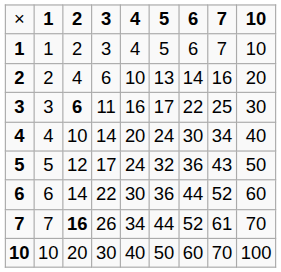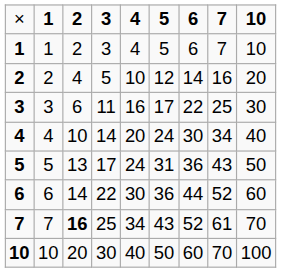 <table class="wikitable" style="float:right; text-align:center">
 <tr>
 <td>×</td>
 <td><strong>1</strong></td>
 <td><strong>2</strong></td>
 <td><strong>3</strong></td>
 <td><strong>4</strong></td>
 <td><strong>5</strong></td>
 <td><strong>6</strong></td>
 <td><strong>7</strong></td>
 <td><strong>10</strong></td>
 </tr>
 <tr>
 <td><strong>1</strong></td>
 <td>1</td>
 <td>2</td>
 <td>3</td>
 <td>4</td>
 <td>5</td>
 <td>6</td>
 <td>7</td>
 <td>10</td>
 </tr>
 <tr>
 <td><strong>2</strong></td>
 <td>2</td>
 <td>4</td>
-<td>6</td>
+<td>5</td>
 <td>10</td>
-<td>13</td>
+<td>12</td>
 <td>14</td>
 <td>16</td>
 <td>20</td>
 </tr>
 <tr>
 <td><strong>3</strong></td>
 <td>3</td>
-<td><strong>6</strong></td>
+<td>6</td>
 <td>11</td>
 <td>16</td>
 <td>17</td>
 <td>22</td>
 <td>25</td>
 <td>30</td>
 </tr>
 <tr>
 <td><strong>4</strong></td>
 <td>4</td>
 <td>10</td>
 <td>14</td>
 <td>20</td>
 <td>24</td>
 <td>30</td>
 <td>34</td>
 <td>40</td>
 </tr>
 <tr>
 <td><strong>5</strong></td>
 <td>5</td>
-<td>12</td>
+<td>13</td>
 <td>17</td>
 <td>24</td>
-<td>32</td>
+<td>31</td>
 <td>36</td>
 <td>43</td>
 <td>50</td>
 </tr>
 <tr>
 <td><strong>6</strong></td>
 <td>6</td>
 <td>14</td>
 <td>22</td>
 <td>30</td>
 <td>36</td>
 <td>44</td>
 <td>52</td>
 <td>60</td>
 </tr>
 <tr>
 <td><strong>7</strong></td>
 <td>7</td>
 <td><strong>16</strong></td>
-<td>26</td>
+<td>25</td>
 <td>34</td>
-<td>44</td>
+<td>43</td>
 <td>52</td>
 <td>61</td>
 <td>70</td>
 </tr>
 <tr>
 <td><strong>10</strong></td>
 <td>10</td>
 <td>20</td>
 <td>30</td>
 <td>40</td>
 <td>50</td>
 <td>60</td>
 <td>70</td>
 <td>100</td>
 </tr>
 </table>
